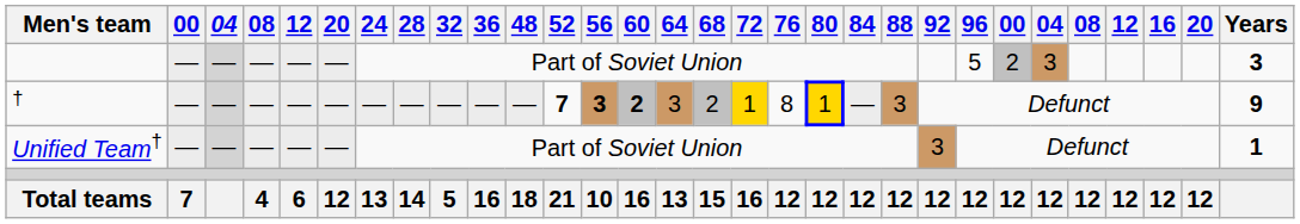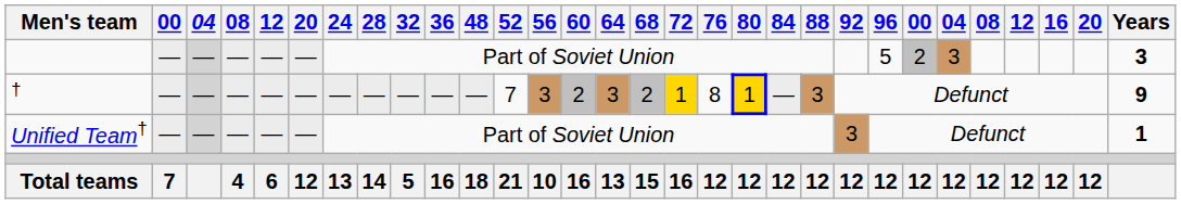 <table class="wikitable" style="text-align: center; font-size: 90%; margin-left: 1em;">
 <tr>
 <th>Men's team</th>
 <th><a href='#'>00</a></th>
 <th><em><a href='#'>04</a></em></th>
 <th><a href='#'>08</a></th>
 <th><a href='#'>12</a></th>
 <th><a href='#'>20</a></th>
 <th><a href='#'>24</a></th>
 <th><a href='#'>28</a></th>
 <th><a href='#'>32</a></th>
 <th><a href='#'>36</a></th>
 <th><a href='#'>48</a></th>
 <th><a href='#'>52</a></th>
 <th><a href='#'>56</a></th>
 <th><a href='#'>60</a></th>
 <th><a href='#'>64</a></th>
 <th><a href='#'>68</a></th>
 <th><a href='#'>72</a></th>
 <th><a href='#'>76</a></th>
 <th><a href='#'>80</a></th>
 <th><a href='#'>84</a></th>
 <th><a href='#'>88</a></th>
 <th><a href='#'>92</a></th>
 <th><a href='#'>96</a></th>
 <th><a href='#'>00</a></th>
 <th><a href='#'>04</a></th>
 <th><a href='#'>08</a></th>
 <th><a href='#'>12</a></th>
 <th><a href='#'>16</a></th>
 <th><a href='#'>20</a></th>
 <th>Years</th>
 </tr>
 <tr>
 <td style="text-align: left;"></td>
 <td style="background-color: #ececec;">—</td>
 <td style="background-color: lightgray;">—</td>
 <td style="background-color: #ececec;">—</td>
 <td style="background-color: #ececec;">—</td>
 <td style="background-color: #ececec;">—</td>
 <td colspan="15">Part of <em>Soviet Union</em></td>
 <td></td>
 <td>5</td>
 <td style="background-color: silver;">2</td>
 <td style="background-color: #cc9966;">3</td>
 <td></td>
 <td></td>
 <td></td>
 <td></td>
 <td><strong>3</strong></td>
 </tr>
 <tr>
 <td style="text-align: left;"><em></em><sup>†</sup></td>
 <td style="background-color: #ececec;">—</td>
 <td style="background-color: lightgray;">—</td>
 <td style="background-color: #ececec;">—</td>
 <td style="background-color: #ececec;">—</td>
 <td style="background-color: #ececec;">—</td>
 <td style="background-color: #ececec;">—</td>
 <td style="background-color: #ececec;">—</td>
 <td style="background-color: #ececec;">—</td>
 <td style="background-color: #ececec;">—</td>
 <td style="background-color: #ececec;">—</td>
-<td><strong>7</strong></td>
-<td style="background-color: #cc9966;"><strong>3</strong></td>
-<td style="background-color: silver;"><strong>2</strong></td>
+<td>7</td>
+<td style="background-color: #cc9966;">3</td>
+<td style="background-color: silver;">2</td>
 <td style="background-color: #cc9966;">3</td>
 <td style="background-color: silver;">2</td>
 <td style="background-color: gold;">1</td>
 <td>8</td>
 <td style="border: 2px solid blue; background-color: gold;">1</td>
 <td style="background-color: #ececec;">—</td>
 <td style="background-color: #cc9966;">3</td>
 <td colspan="8"><em>Defunct</em></td>
 <td><strong>9</strong></td>
 </tr>
 <tr>
 <td style="text-align: left;"><em> <a href='#'>Unified Team</a></em><sup>†</sup></td>
 <td style="background-color: #ececec;">—</td>
 <td style="background-color: lightgray;">—</td>
 <td style="background-color: #ececec;">—</td>
 <td style="background-color: #ececec;">—</td>
 <td style="background-color: #ececec;">—</td>
 <td colspan="15">Part of <em>Soviet Union</em></td>
 <td style="background-color: #cc9966;">3</td>
 <td colspan="7"><em>Defunct</em></td>
 <td><strong>1</strong></td>
 </tr>
 <tr style="background-color: lightgrey;">
 <td colspan="30"></td>
 </tr>
 <tr>
 <th>Total teams</th>
 <th>7</th>
 <th></th>
 <th>4</th>
 <th>6</th>
 <th>12</th>
 <th>13</th>
 <th>14</th>
 <th>5</th>
 <th>16</th>
 <th>18</th>
 <th>21</th>
 <th>10</th>
 <th>16</th>
 <th>13</th>
 <th>15</th>
 <th>16</th>
 <th>12</th>
 <th>12</th>
 <th>12</th>
 <th>12</th>
 <th>12</th>
 <th>12</th>
 <th>12</th>
 <th>12</th>
 <th>12</th>
 <th>12</th>
 <th>12</th>
 <th>12</th>
 <th></th>
 </tr>
 </table>
